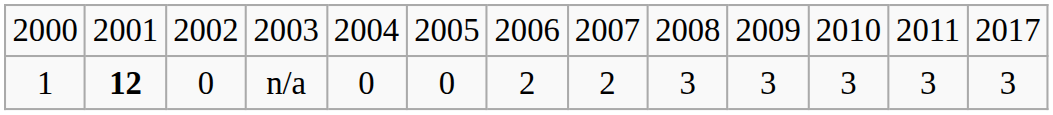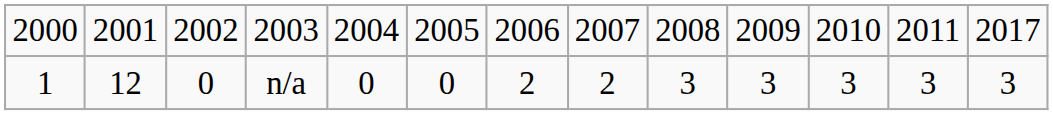 <table class="wikitable" style="text-align:center">
 <tr>
 <td>2000</td>
 <td>2001</td>
 <td>2002</td>
 <td>2003</td>
 <td>2004</td>
 <td>2005</td>
 <td>2006</td>
 <td>2007</td>
 <td>2008</td>
 <td>2009</td>
 <td>2010</td>
 <td>2011</td>
 <td>2017</td>
 </tr>
 <tr>
 <td>1</td>
-<td><strong>12</strong></td>
+<td>12</td>
 <td>0</td>
 <td>n/a</td>
 <td>0</td>
 <td>0</td>
 <td>2</td>
 <td>2</td>
 <td>3</td>
 <td>3</td>
 <td>3</td>
 <td>3</td>
 <td>3</td>
 </tr>
 </table>
